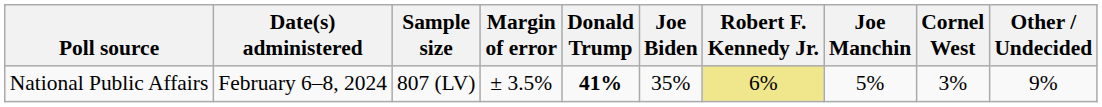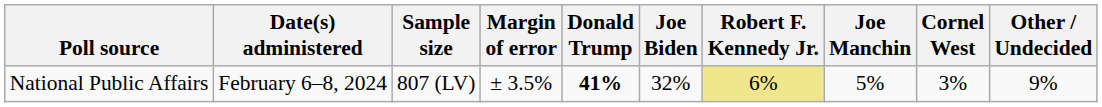 <table class="wikitable sortable mw-datatable" style="font-size:90%;text-align:center;line-height:17px">
 <tr style="vertical-align:bottom">
 <th>Poll source</th>
 <th>Date(s)<br>administered</th>
 <th>Sample<br>size</th>
 <th>Margin<br>of error</th>
 <th class="unsortable">Donald<br>Trump<br></th>
 <th class="unsortable">Joe<br>Biden<br></th>
 <th class="unsortable">Robert F.<br>Kennedy Jr.<br></th>
 <th class="unsortable">Joe<br>Manchin<br></th>
 <th class="unsortable">Cornel<br>West<br></th>
 <th class="unsortable">Other /<br>Undecided</th>
 </tr>
 <tr>
 <td style="text-align:left;">National Public Affairs</td>
 <td data-sort-value="2024-02-08">February 6–8, 2024</td>
 <td>807 (LV)</td>
 <td>± 3.5%</td>
 <td style="background-color:"><strong>41%</strong></td>
-<td>35%</td>
+<td>32%</td>
 <td style="background: khaki;">6%</td>
 <td>5%</td>
 <td>3%</td>
 <td>9%</td>
 </tr>
 </table>
